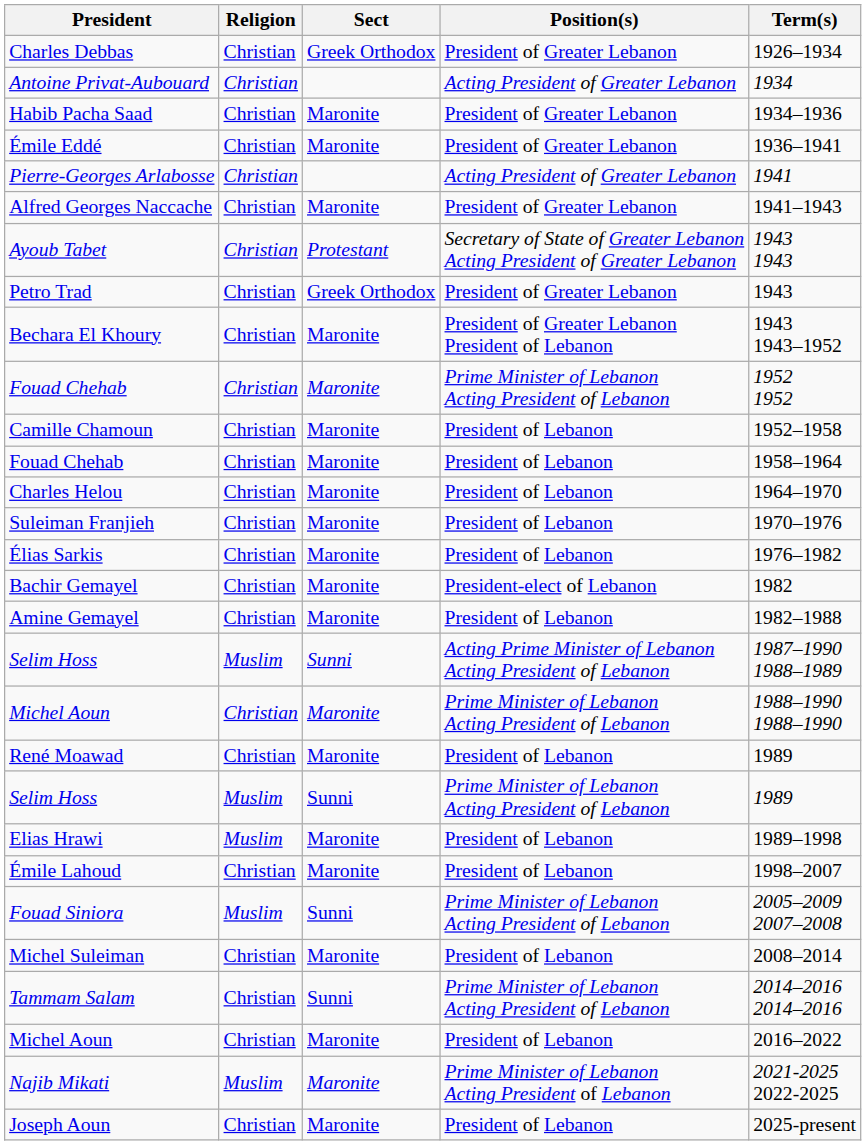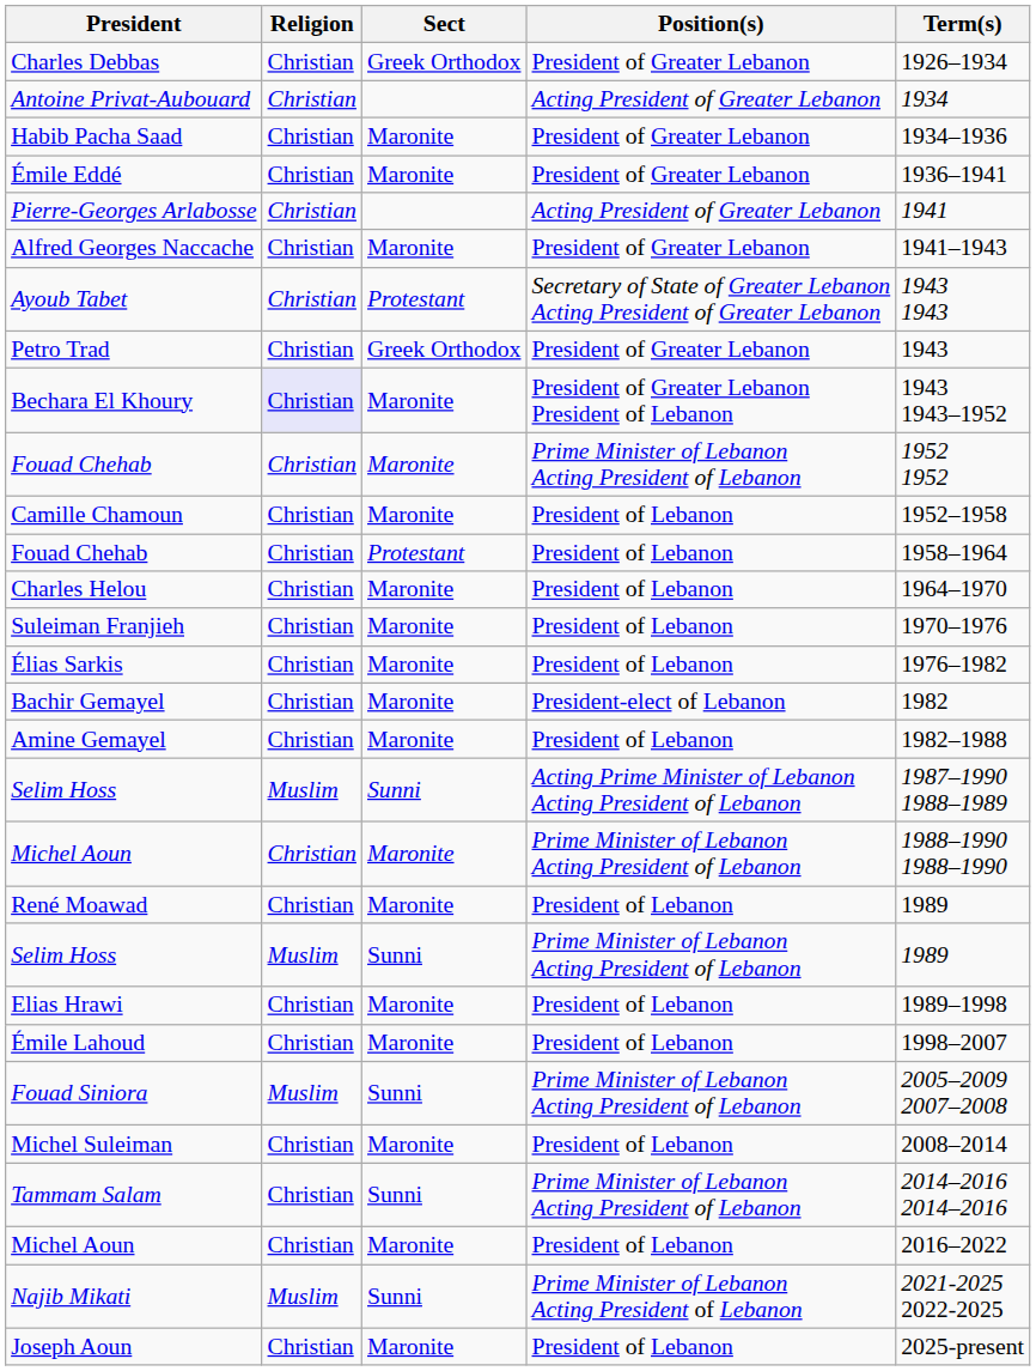 <table class="wikitable sortable">
 <tr>
 <th rowspan="2">President</th>
 <th rowspan="2">Religion</th>
 <th rowspan="2">Sect</th>
 <th rowspan="2">Position(s)</th>
 <th rowspan="2">Term(s)</th>
 </tr>
 <tr>
 </tr>
 <tr>
 <td><a href='#'>Charles Debbas</a></td>
 <td><a href='#'>Christian</a></td>
 <td><a href='#'>Greek Orthodox</a></td>
 <td><a href='#'>President</a> of <a href='#'>Greater Lebanon</a></td>
 <td>1926–1934</td>
 </tr>
 <tr>
 <td><em><a href='#'>Antoine Privat-Aubouard</a></em></td>
 <td><a href='#'><em>Christian</em></a></td>
 <td></td>
 <td><em><a href='#'>Acting President</a> of <a href='#'>Greater Lebanon</a></em></td>
 <td><em>1934</em></td>
 </tr>
 <tr>
 <td><a href='#'>Habib Pacha Saad</a></td>
 <td><a href='#'>Christian</a></td>
 <td><a href='#'>Maronite</a></td>
 <td><a href='#'>President</a> of <a href='#'>Greater Lebanon</a></td>
 <td>1934–1936</td>
 </tr>
 <tr>
 <td><a href='#'>Émile Eddé</a></td>
 <td><a href='#'>Christian</a></td>
 <td><a href='#'>Maronite</a></td>
 <td><a href='#'>President</a> of <a href='#'>Greater Lebanon</a></td>
 <td>1936–1941</td>
 </tr>
 <tr>
 <td><em><a href='#'>Pierre-Georges Arlabosse</a></em></td>
 <td><a href='#'><em>Christian</em></a></td>
 <td></td>
 <td><em><a href='#'>Acting President</a> of <a href='#'>Greater Lebanon</a></em></td>
 <td><em>1941</em></td>
 </tr>
 <tr>
 <td><a href='#'>Alfred Georges Naccache</a></td>
 <td><a href='#'>Christian</a></td>
 <td><a href='#'>Maronite</a></td>
 <td><a href='#'>President</a> of <a href='#'>Greater Lebanon</a></td>
 <td>1941–1943</td>
 </tr>
 <tr>
 <td><em><a href='#'>Ayoub Tabet</a></em></td>
 <td><a href='#'><em>Christian</em></a></td>
 <td><a href='#'><em>Protestant</em></a></td>
 <td><em>Secretary of State of <a href='#'>Greater Lebanon</a></em><br><em><a href='#'>Acting President</a> of <a href='#'>Greater Lebanon</a></em></td>
 <td><em>1943</em><br><em>1943</em></td>
 </tr>
 <tr>
 <td><a href='#'>Petro Trad</a></td>
 <td><a href='#'>Christian</a></td>
 <td><a href='#'>Greek Orthodox</a></td>
 <td><a href='#'>President</a> of <a href='#'>Greater Lebanon</a></td>
 <td>1943</td>
 </tr>
 <tr>
 <td><a href='#'>Bechara El Khoury</a></td>
-<td><a href='#'>Christian</a></td>
+<td style="background: lavender;"><a href='#'>Christian</a></td>
 <td><a href='#'>Maronite</a></td>
 <td><a href='#'>President</a> of <a href='#'>Greater Lebanon</a><br><a href='#'>President</a> of <a href='#'>Lebanon</a></td>
 <td>1943<br>1943–1952</td>
 </tr>
 <tr>
 <td><em><a href='#'>Fouad Chehab</a></em></td>
 <td><a href='#'><em>Christian</em></a></td>
 <td><a href='#'><em>Maronite</em></a></td>
 <td><em><a href='#'>Prime Minister of Lebanon</a></em><br><em><a href='#'>Acting President</a> of <a href='#'>Lebanon</a></em></td>
 <td><em>1952</em><br><em>1952</em></td>
 </tr>
 <tr>
 <td><a href='#'>Camille Chamoun</a></td>
 <td><a href='#'>Christian</a></td>
 <td><a href='#'>Maronite</a></td>
 <td><a href='#'>President</a> of <a href='#'>Lebanon</a></td>
 <td>1952–1958</td>
 </tr>
 <tr>
 <td><a href='#'>Fouad Chehab</a></td>
 <td><a href='#'>Christian</a></td>
-<td><a href='#'>Maronite</a></td>
+<td><a href='#'><em>Protestant</em></a></td>
 <td><a href='#'>President</a> of <a href='#'>Lebanon</a></td>
 <td>1958–1964</td>
 </tr>
 <tr>
 <td><a href='#'>Charles Helou</a></td>
 <td><a href='#'>Christian</a></td>
 <td><a href='#'>Maronite</a></td>
 <td><a href='#'>President</a> of <a href='#'>Lebanon</a></td>
 <td>1964–1970</td>
 </tr>
 <tr>
 <td><a href='#'>Suleiman Franjieh</a></td>
 <td><a href='#'>Christian</a></td>
 <td><a href='#'>Maronite</a></td>
 <td><a href='#'>President</a> of <a href='#'>Lebanon</a></td>
 <td>1970–1976</td>
 </tr>
 <tr>
 <td><a href='#'>Élias Sarkis</a></td>
 <td><a href='#'>Christian</a></td>
 <td><a href='#'>Maronite</a></td>
 <td><a href='#'>President</a> of <a href='#'>Lebanon</a></td>
 <td>1976–1982</td>
 </tr>
 <tr>
 <td><a href='#'>Bachir Gemayel</a></td>
 <td><a href='#'>Christian</a></td>
 <td><a href='#'>Maronite</a></td>
 <td><a href='#'>President-elect</a> of <a href='#'>Lebanon</a></td>
 <td>1982</td>
 </tr>
 <tr>
 <td><a href='#'>Amine Gemayel</a></td>
 <td><a href='#'>Christian</a></td>
 <td><a href='#'>Maronite</a></td>
 <td><a href='#'>President</a> of <a href='#'>Lebanon</a></td>
 <td>1982–1988</td>
 </tr>
 <tr>
 <td><a href='#'><em>Selim Hoss</em></a></td>
 <td><a href='#'><em>Muslim</em></a></td>
 <td><a href='#'><em>Sunni</em></a></td>
 <td><a href='#'><em>Acting Prime Minister of Lebanon</em></a><br><em><a href='#'>Acting President</a> of <a href='#'>Lebanon</a></em></td>
 <td><em>1987–1990</em><br><em>1988–1989</em></td>
 </tr>
 <tr>
 <td><em><a href='#'>Michel Aoun</a></em></td>
 <td><a href='#'><em>Christian</em></a></td>
 <td><a href='#'><em>Maronite</em></a></td>
 <td><em><a href='#'>Prime Minister of Lebanon</a></em><br><em><a href='#'>Acting President</a> of <a href='#'>Lebanon</a></em></td>
 <td><em>1988–1990</em><br><em>1988–1990</em></td>
 </tr>
 <tr>
 <td><a href='#'>René Moawad</a></td>
 <td><a href='#'>Christian</a></td>
 <td><a href='#'>Maronite</a></td>
 <td><a href='#'>President</a> of <a href='#'>Lebanon</a></td>
 <td>1989</td>
 </tr>
 <tr>
 <td><a href='#'><em>Selim Hoss</em></a></td>
 <td><a href='#'><em>Muslim</em></a></td>
 <td><a href='#'>Sunni</a></td>
 <td><em><a href='#'>Prime Minister of Lebanon</a></em><br><em><a href='#'>Acting President</a> of <a href='#'>Lebanon</a></em></td>
 <td><em>1989</em></td>
 </tr>
 <tr>
 <td><a href='#'>Elias Hrawi</a></td>
-<td><a href='#'><em>Muslim</em></a></td>
+<td><a href='#'>Christian</a></td>
 <td><a href='#'>Maronite</a></td>
 <td><a href='#'>President</a> of <a href='#'>Lebanon</a></td>
 <td>1989–1998</td>
 </tr>
 <tr>
 <td><a href='#'>Émile Lahoud</a></td>
 <td><a href='#'>Christian</a></td>
 <td><a href='#'>Maronite</a></td>
 <td><a href='#'>President</a> of <a href='#'>Lebanon</a></td>
 <td>1998–2007</td>
 </tr>
 <tr>
 <td><em><a href='#'>Fouad Siniora</a></em></td>
 <td><a href='#'><em>Muslim</em></a></td>
 <td><a href='#'>Sunni</a></td>
 <td><em><a href='#'>Prime Minister of Lebanon</a></em><br><em><a href='#'>Acting President</a> of <a href='#'>Lebanon</a></em></td>
 <td><em>2005–2009</em><br><em>2007–2008</em></td>
 </tr>
 <tr>
 <td><a href='#'>Michel Suleiman</a></td>
 <td><a href='#'>Christian</a></td>
 <td><a href='#'>Maronite</a></td>
 <td><a href='#'>President</a> of <a href='#'>Lebanon</a></td>
 <td>2008–2014</td>
 </tr>
 <tr>
 <td><em><a href='#'>Tammam Salam</a></em></td>
 <td><a href='#'>Christian</a></td>
 <td><a href='#'>Sunni</a></td>
 <td><em><a href='#'>Prime Minister of Lebanon</a></em><br><em><a href='#'>Acting President</a> of <a href='#'>Lebanon</a></em></td>
 <td><em>2014–2016</em><br><em>2014–2016</em></td>
 </tr>
 <tr>
 <td><a href='#'>Michel Aoun</a></td>
 <td><a href='#'>Christian</a></td>
 <td><a href='#'>Maronite</a></td>
 <td><a href='#'>President</a> of <a href='#'>Lebanon</a></td>
 <td>2016–2022</td>
 </tr>
 <tr>
 <td><em><a href='#'>Najib Mikati</a></em></td>
 <td><a href='#'><em>Muslim</em></a></td>
-<td><a href='#'><em>Maronite</em></a></td>
+<td><a href='#'>Sunni</a></td>
 <td><em><a href='#'>Prime Minister of Lebanon</a></em><br><a href='#'><em>Acting President</em></a> of  <em><a href='#'>Lebanon</a></em></td>
 <td><em>2021-2025</em><br>2022-2025</td>
 </tr>
 <tr>
 <td><a href='#'>Joseph Aoun</a></td>
 <td><a href='#'>Christian</a></td>
 <td><a href='#'>Maronite</a></td>
 <td><a href='#'>President</a> of <a href='#'>Lebanon</a></td>
 <td>2025-present</td>
 </tr>
 </table>
